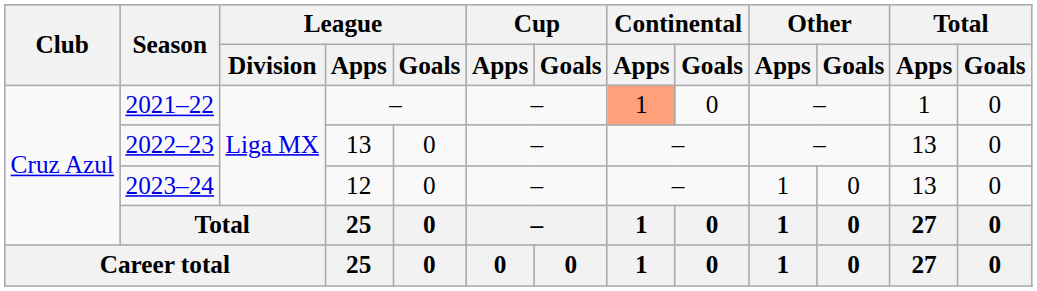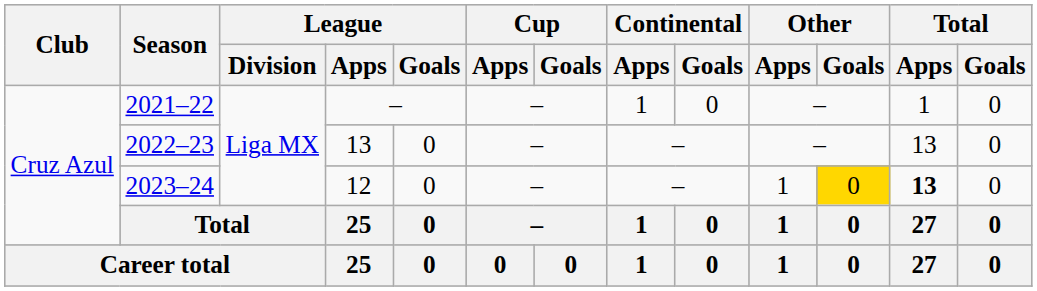 <table class="wikitable" style="text-align: center">
 <tr>
 <th rowspan="2">Club</th>
 <th rowspan="2">Season</th>
 <th colspan="3">League</th>
 <th colspan="2">Cup</th>
 <th colspan="2">Continental</th>
 <th colspan="2">Other</th>
 <th colspan="2">Total</th>
 </tr>
 <tr>
 <th>Division</th>
 <th>Apps</th>
 <th>Goals</th>
 <th>Apps</th>
 <th>Goals</th>
 <th>Apps</th>
 <th>Goals</th>
 <th>Apps</th>
 <th>Goals</th>
 <th>Apps</th>
 <th>Goals</th>
 </tr>
 <tr>
 <td rowspan="4"><a href='#'>Cruz Azul</a></td>
 <td><a href='#'>2021–22</a></td>
 <td rowspan="3"><a href='#'>Liga MX</a></td>
 <td colspan="2">–</td>
 <td colspan="2">–</td>
-<td style="background: lightsalmon;">1</td>
+<td>1</td>
 <td>0</td>
 <td colspan="2">–</td>
 <td>1</td>
 <td>0</td>
 </tr>
 <tr>
 <td><a href='#'>2022–23</a></td>
 <td>13</td>
 <td>0</td>
 <td colspan="2">–</td>
 <td colspan="2">–</td>
 <td colspan="2">–</td>
 <td>13</td>
 <td>0</td>
 </tr>
 <tr>
 <td><a href='#'>2023–24</a></td>
 <td>12</td>
 <td>0</td>
 <td colspan="2">–</td>
 <td colspan="2">–</td>
 <td>1</td>
-<td>0</td>
-<td>13</td>
+<td style="background: gold;">0</td>
+<td><strong>13</strong></td>
 <td>0</td>
 </tr>
 <tr>
 <th colspan="2">Total</th>
 <th>25</th>
 <th>0</th>
 <th colspan="2">–</th>
 <th>1</th>
 <th>0</th>
 <th>1</th>
 <th>0</th>
 <th>27</th>
 <th>0</th>
 </tr>
 <tr>
 <th colspan="3"><strong>Career total</strong></th>
 <th>25</th>
 <th>0</th>
 <th>0</th>
 <th>0</th>
 <th>1</th>
 <th>0</th>
 <th>1</th>
 <th>0</th>
 <th>27</th>
 <th>0</th>
 </tr>
 </table>
